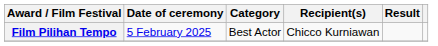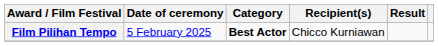 <table class="wikitable sortable plainrowheaders">
 <tr>
 <th scope="col">Award / Film Festival</th>
 <th scope="col">Date of ceremony</th>
 <th scope="col">Category</th>
 <th scope="col">Recipient(s)</th>
 <th scope="col">Result</th>
 <th scope="col" class="unsortable"></th>
 </tr>
 <tr>
 <th scope="row"><a href='#'>Film Pilihan Tempo</a></th>
 <td><a href='#'>5 February 2025</a></td>
-<td>Best Actor</td>
+<td><strong>Best Actor</strong></td>
 <td>Chicco Kurniawan</td>
 <td></td>
 <td align="center"></td>
 </tr>
 <tr>
 </tr>
 </table>
